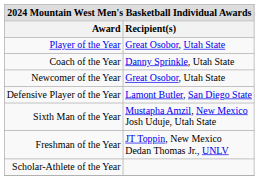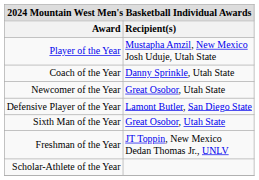 <table class="wikitable" style="white-space:nowrap; font-size:90%;">
 <tr>
 <td colspan="8" style="text-align:center; background:#ddd;"><strong>2024 Mountain West Men's Basketball Individual Awards</strong></td>
 </tr>
 <tr>
 <th style="text-align:right;">Award</th>
 <th style="text-align:left;">Recipient(s)</th>
 </tr>
 <tr>
 <td style="text-align:right;"><a href='#'>Player of the Year</a></td>
-<td style="text-align:left;"><a href='#'>Great Osobor</a>, <a href='#'>Utah State</a></td>
+<td style="text-align:left;"><a href='#'>Mustapha Amzil</a>, <a href='#'>New Mexico</a><br>Josh Uduje, Utah State</td>
 </tr>
 <tr>
 <td style="text-align:right;">Coach of the Year</td>
 <td style="text-align:left;"><a href='#'>Danny Sprinkle</a>, Utah State</td>
 </tr>
 <tr>
 <td style="text-align:right;">Newcomer of the Year</td>
 <td style="text-align:left;"><a href='#'>Great Osobor</a>, Utah State</td>
 </tr>
 <tr>
 <td style="text-align:right;">Defensive Player of the Year</td>
 <td style="text-align:left;"><a href='#'>Lamont Butler</a>, <a href='#'>San Diego State</a></td>
 </tr>
 <tr>
 <td style="text-align:right;">Sixth Man of the Year</td>
-<td style="text-align:left;"><a href='#'>Mustapha Amzil</a>, <a href='#'>New Mexico</a><br>Josh Uduje, Utah State</td>
+<td style="text-align:left;"><a href='#'>Great Osobor</a>, <a href='#'>Utah State</a></td>
 </tr>
 <tr>
 <td style="text-align:right;">Freshman of the Year</td>
 <td style="text-align:left;"><a href='#'>JT Toppin</a>, New Mexico<br>Dedan Thomas Jr., <a href='#'>UNLV</a></td>
 </tr>
 <tr>
 <td style="text-align:right;">Scholar-Athlete of the Year</td>
 <td style="text-align:left;"></td>
 </tr>
 <tr>
 </tr>
 </table>
